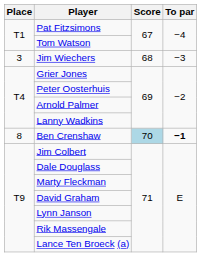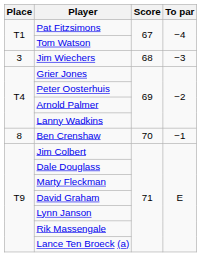 <table class=wikitable>
 <tr>
 <th>Place</th>
 <th>Player</th>
 <th>Score</th>
 <th>To par</th>
 </tr>
 <tr>
 <td rowspan=2 align=center>T1</td>
 <td> <a href='#'>Pat Fitzsimons</a></td>
 <td rowspan=2 align=center>67</td>
 <td rowspan=2 align=center>−4</td>
 </tr>
 <tr>
 <td> <a href='#'>Tom Watson</a></td>
 </tr>
 <tr>
 <td align=center>3</td>
 <td> <a href='#'>Jim Wiechers</a></td>
 <td align=center>68</td>
 <td align=center>−3</td>
 </tr>
 <tr>
 <td align=center rowspan=4>T4</td>
 <td> <a href='#'>Grier Jones</a></td>
 <td rowspan=4 align=center>69</td>
 <td rowspan=4 align=center>−2</td>
 </tr>
 <tr>
 <td> <a href='#'>Peter Oosterhuis</a></td>
 </tr>
 <tr>
 <td> <a href='#'>Arnold Palmer</a></td>
 </tr>
 <tr>
 <td> <a href='#'>Lanny Wadkins</a></td>
 </tr>
 <tr>
 <td align=center>8</td>
 <td> <a href='#'>Ben Crenshaw</a></td>
-<td align=center style="background: lightblue;">70</td>
-<td align=center><strong>−1</strong></td>
+<td align=center>70</td>
+<td align=center>−1</td>
 </tr>
 <tr>
 <td align=center rowspan=7>T9</td>
 <td> <a href='#'>Jim Colbert</a></td>
 <td rowspan=7 align=center>71</td>
 <td rowspan=7 align=center>E</td>
 </tr>
 <tr>
 <td> <a href='#'>Dale Douglass</a></td>
 </tr>
 <tr>
 <td> <a href='#'>Marty Fleckman</a></td>
 </tr>
 <tr>
 <td> <a href='#'>David Graham</a></td>
 </tr>
 <tr>
 <td> <a href='#'>Lynn Janson</a></td>
 </tr>
 <tr>
 <td> <a href='#'>Rik Massengale</a></td>
 </tr>
 <tr>
 <td> <a href='#'>Lance Ten Broeck</a> <a href='#'>(a)</a></td>
 </tr>
 </table>
